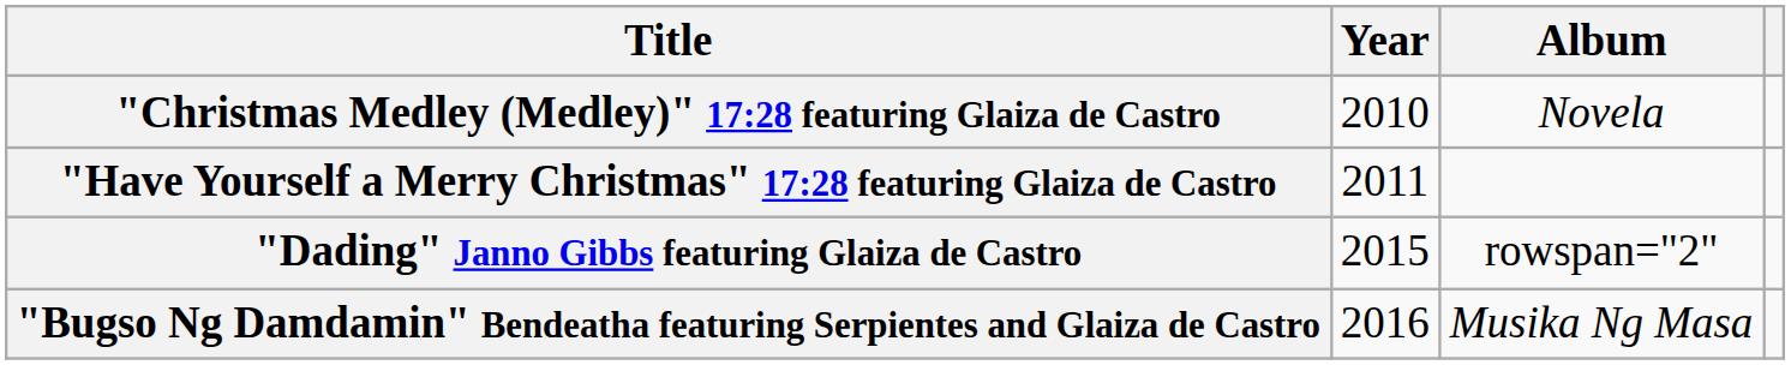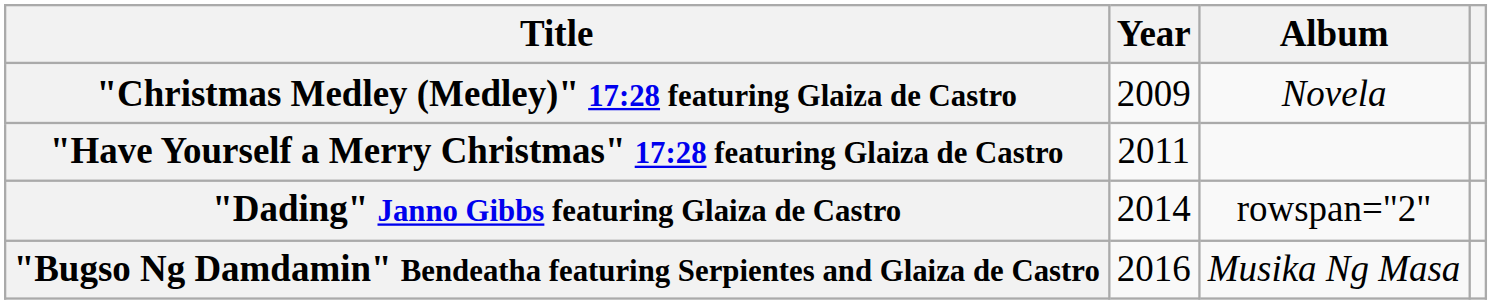 <table class="wikitable plainrowheaders" style="text-align:center;">
 <tr>
 <th scope="col">Title</th>
 <th scope="col">Year</th>
 <th scope="col">Album</th>
 <th scope="col"></th>
 </tr>
 <tr>
 <th scope="row">"Christmas Medley (Medley)" <small><a href='#'>17:28</a> featuring Glaiza de Castro</small></th>
-<td>2010</td>
+<td>2009</td>
 <td><em>Novela</em></td>
 <td></td>
 </tr>
 <tr>
 <th scope="row">"Have Yourself a Merry Christmas" <small><a href='#'>17:28</a> featuring Glaiza de Castro</small></th>
 <td>2011</td>
 <td></td>
 </tr>
 <tr>
 <th scope="row">"Dading" <small><a href='#'>Janno Gibbs</a> featuring Glaiza de Castro</small></th>
-<td>2015</td>
+<td>2014</td>
 <td>rowspan="2" </td>
 <td></td>
 </tr>
 <tr>
 <th scope="row">"Bugso Ng Damdamin" <small>Bendeatha featuring Serpientes and Glaiza de Castro</small></th>
 <td>2016</td>
 <td><em>Musika Ng Masa</em></td>
 <td></td>
 </tr>
 </table>
